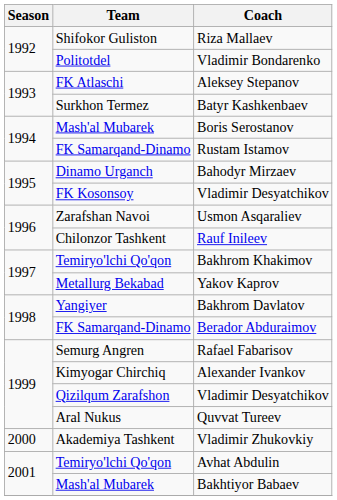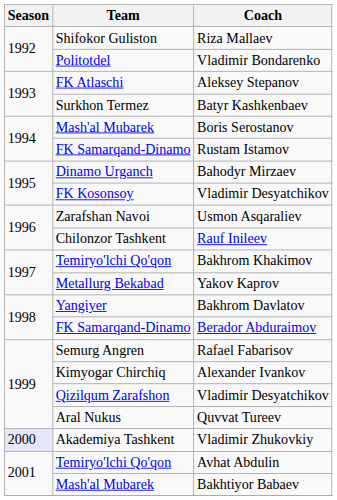 <table class="wikitable" style="text-align: left">
 <tr>
 <th>Season</th>
 <th>Team</th>
 <th>Coach</th>
 </tr>
 <tr>
 <td rowspan=2>1992</td>
 <td>Shifokor Guliston</td>
 <td>Riza Mallaev</td>
 </tr>
 <tr>
 <td><a href='#'>Politotdel</a></td>
 <td>Vladimir Bondarenko</td>
 </tr>
 <tr>
 <td rowspan=2>1993</td>
 <td><a href='#'>FK Atlaschi</a></td>
 <td>Aleksey Stepanov</td>
 </tr>
 <tr>
 <td>Surkhon Termez</td>
 <td>Batyr Kashkenbaev</td>
 </tr>
 <tr>
 <td rowspan=2>1994</td>
 <td><a href='#'>Mash'al Mubarek</a></td>
 <td>Boris Serostanov</td>
 </tr>
 <tr>
 <td><a href='#'>FK Samarqand-Dinamo</a></td>
 <td>Rustam Istamov</td>
 </tr>
 <tr>
 <td rowspan=2>1995</td>
 <td><a href='#'>Dinamo Urganch</a></td>
 <td>Bahodyr Mirzaev</td>
 </tr>
 <tr>
 <td><a href='#'>FK Kosonsoy</a></td>
 <td>Vladimir Desyatchikov</td>
 </tr>
 <tr>
 <td rowspan=2>1996</td>
 <td>Zarafshan Navoi</td>
 <td>Usmon Asqaraliev</td>
 </tr>
 <tr>
 <td>Chilonzor Tashkent</td>
 <td><a href='#'>Rauf Inileev</a></td>
 </tr>
 <tr>
 <td rowspan=2>1997</td>
 <td><a href='#'>Temiryo'lchi Qo'qon</a></td>
 <td>Bakhrom Khakimov</td>
 </tr>
 <tr>
 <td><a href='#'>Metallurg Bekabad</a></td>
 <td>Yakov Kaprov</td>
 </tr>
 <tr>
 <td rowspan=2>1998</td>
 <td><a href='#'>Yangiyer</a></td>
 <td>Bakhrom Davlatov</td>
 </tr>
 <tr>
 <td><a href='#'>FK Samarqand-Dinamo</a></td>
 <td><a href='#'>Berador Abduraimov</a></td>
 </tr>
 <tr>
 <td rowspan=4>1999</td>
 <td>Semurg Angren</td>
 <td>Rafael Fabarisov</td>
 </tr>
 <tr>
 <td>Kimyogar Chirchiq</td>
 <td>Alexander Ivankov</td>
 </tr>
 <tr>
 <td><a href='#'>Qizilqum Zarafshon</a></td>
 <td>Vladimir Desyatchikov</td>
 </tr>
 <tr>
 <td>Aral Nukus</td>
 <td>Quvvat Tureev</td>
 </tr>
 <tr>
-<td rowspan=1>2000</td>
+<td rowspan=1 style="background: lavender;">2000</td>
 <td>Akademiya Tashkent</td>
 <td>Vladimir Zhukovkiy</td>
 </tr>
 <tr>
 <td rowspan=2>2001</td>
 <td><a href='#'>Temiryo'lchi Qo'qon</a></td>
 <td>Avhat Abdulin</td>
 </tr>
 <tr>
 <td><a href='#'>Mash'al Mubarek</a></td>
 <td>Bakhtiyor Babaev</td>
 </tr>
 <tr>
 </tr>
 </table>
